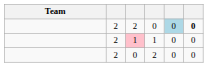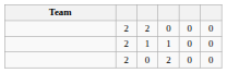 <table class="wikitable" style="text-align: center; font-size:90% ">
 <tr>
 <th width=160>Team</th>
 <th width=25></th>
 <th width=25></th>
 <th width=25></th>
 <th width=25></th>
 <th width=25></th>
 </tr>
 <tr>
 <td align=left></td>
 <td>2</td>
 <td>2</td>
 <td>0</td>
-<td style="background: lightblue;">0</td>
-<td><strong>0</strong></td>
+<td>0</td>
+<td>0</td>
 </tr>
 <tr>
 <td align=left></td>
 <td>2</td>
-<td style="background: pink;">1</td>
+<td>1</td>
 <td>1</td>
 <td>0</td>
 <td>0</td>
 </tr>
 <tr>
 <td align=left></td>
 <td>2</td>
 <td>0</td>
 <td>2</td>
 <td>0</td>
 <td>0</td>
 </tr>
 </table>
